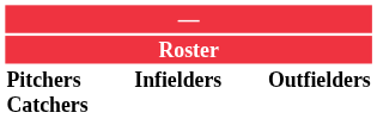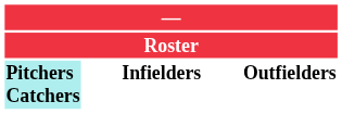 <table class="toccolours" style="font-size: 95%;">
 <tr>
 <th colspan="10" style="background:#EF3340; color: white; text-align: center;"><a href='#'></a> — <a href='#'></a></th>
 </tr>
 <tr>
 <td colspan="10" style="background-color: #EF3340; color: white; text-align: center;"><strong>Roster</strong></td>
 </tr>
 <tr>
-<td valign="top"><strong>Pitchers</strong><br>       <strong>Catchers</strong>  </td>
+<td valign="top" style="background: paleturquoise;"><strong>Pitchers</strong><br>       <strong>Catchers</strong>  </td>
 <td width="25px"></td>
 <td valign="top"><strong>Infielders</strong><br>     </td>
 <td width="25px"></td>
 <td valign="top"><strong>Outfielders</strong><br>   </td>
 </tr>
 </table>
